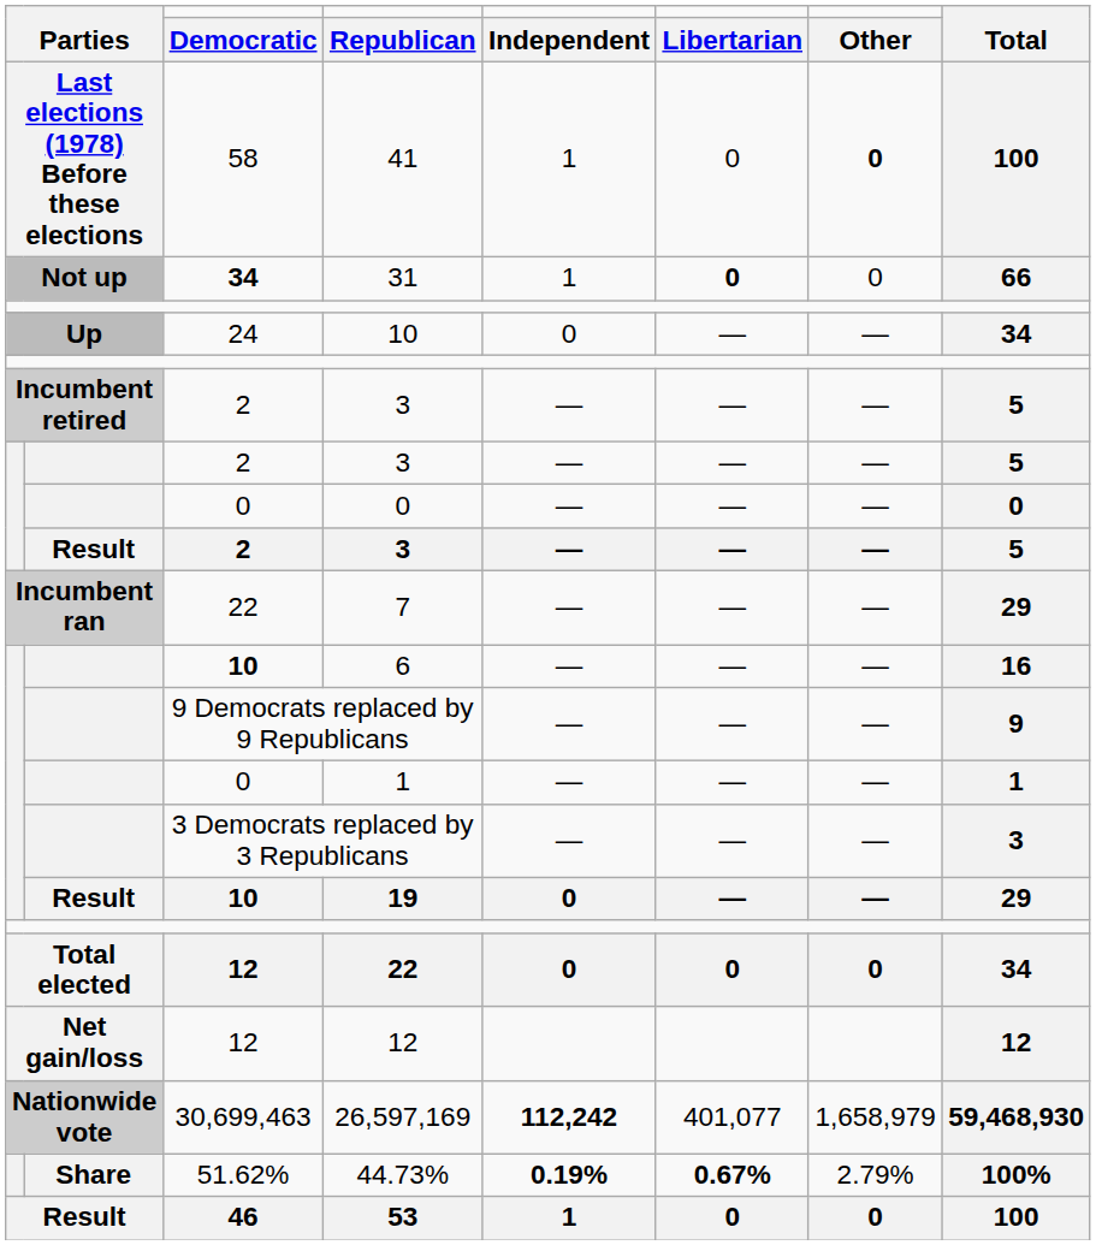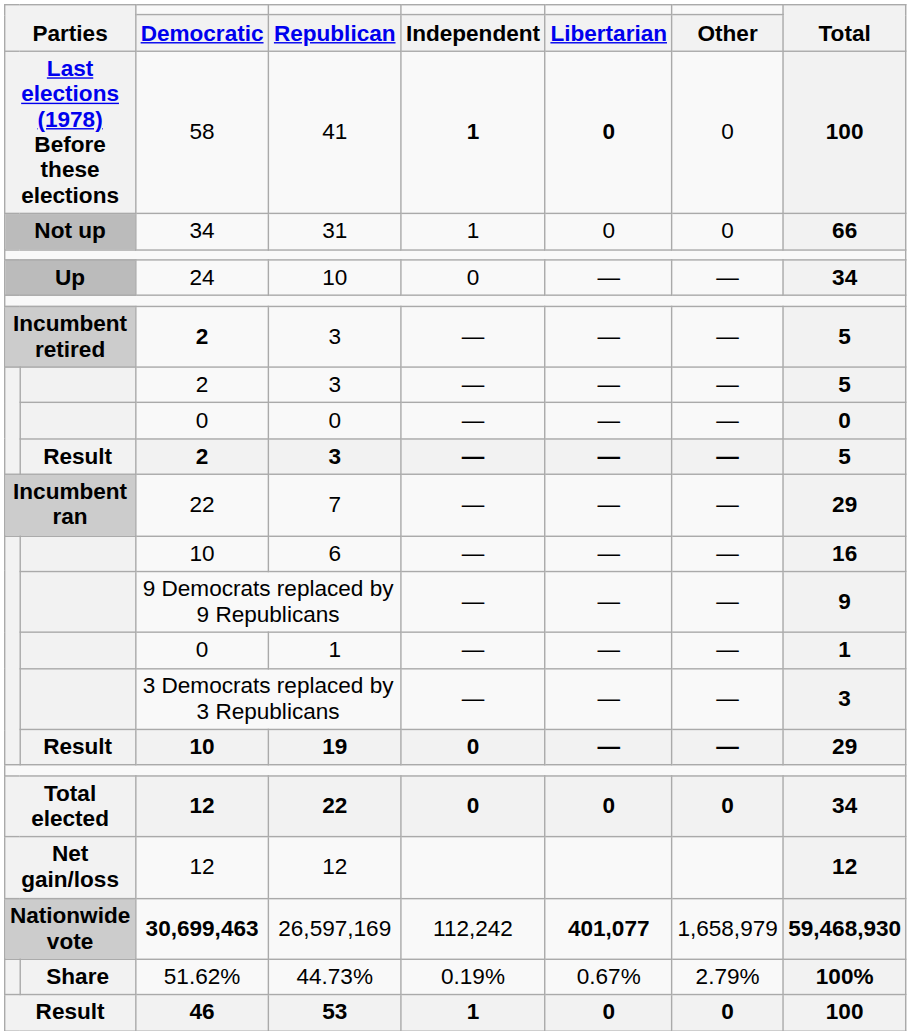 <table class=wikitable style=text-align:center>
 <tr valign=bottom>
 <th rowspan=2 colspan=2>Parties</th>
 <td style="background-color:"></td>
 <td style="background-color:"></td>
 <td style="background-color:"></td>
 <td style="background-color:"></td>
 <td style="background-color:"></td>
 <th rowspan=2>Total</th>
 </tr>
 <tr valign=bottom>
 <th><a href='#'>Democratic</a></th>
 <th><a href='#'>Republican</a></th>
 <th>Independent</th>
 <th><a href='#'>Libertarian</a></th>
 <th>Other</th>
 </tr>
 <tr>
 <th colspan=2><a href='#'>Last elections (1978)</a><br>Before these elections</th>
 <td>58</td>
 <td>41</td>
-<td>1</td>
+<td><strong>1</strong></td>
+<td><strong>0</strong></td>
 <td>0</td>
-<td><strong>0</strong></td>
 <th>100</th>
 </tr>
 <tr>
 <th colspan=2 style="background:#bbb">Not up</th>
-<td><strong>34</strong></td>
+<td>34</td>
 <td>31</td>
 <td>1</td>
-<td><strong>0</strong></td>
+<td>0</td>
 <td>0</td>
 <th>66</th>
 </tr>
 <tr>
 <td colspan=100></td>
 </tr>
 <tr>
 <th colspan=2 style="background:#bbb">Up<br></th>
 <td>24</td>
 <td>10</td>
 <td>0</td>
 <td>—</td>
 <td>—</td>
 <th>34</th>
 </tr>
 <tr>
 <td colspan=100></td>
 </tr>
 <tr>
 <th colspan=2 style="background:#ccc">Incumbent retired</th>
-<td>2</td>
+<td><strong>2</strong></td>
 <td>3</td>
 <td>—</td>
 <td>—</td>
 <td>—</td>
 <th>5</th>
 </tr>
 <tr>
 <th rowspan=3></th>
 <th></th>
 <td>2</td>
 <td>3</td>
 <td>—</td>
 <td>—</td>
 <td>—</td>
 <th>5</th>
 </tr>
 <tr>
 <th></th>
 <td>0</td>
 <td>0</td>
 <td>—</td>
 <td>—</td>
 <td>—</td>
 <th>0</th>
 </tr>
 <tr>
 <th>Result</th>
 <th>2</th>
 <th>3</th>
 <th>—</th>
 <th>—</th>
 <th>—</th>
 <th>5</th>
 </tr>
 <tr>
 <th colspan=2 style="background:#ccc">Incumbent ran</th>
 <td>22</td>
 <td>7</td>
 <td>—</td>
 <td>—</td>
 <td>—</td>
 <th>29</th>
 </tr>
 <tr>
 <th rowspan=5></th>
 <th></th>
-<td><strong>10</strong></td>
+<td>10</td>
 <td>6</td>
 <td>—</td>
 <td>—</td>
 <td>—</td>
 <th>16</th>
 </tr>
 <tr>
 <th></th>
 <td colspan=2 > 9 Democrats replaced by  9 Republicans</td>
 <td>—</td>
 <td>—</td>
 <td>—</td>
 <th>9</th>
 </tr>
 <tr>
 <th></th>
 <td>0</td>
 <td>1</td>
 <td>—</td>
 <td>—</td>
 <td>—</td>
 <th>1</th>
 </tr>
 <tr>
 <th></th>
 <td colspan=2 > 3 Democrats replaced by  3 Republicans</td>
 <td>—</td>
 <td>—</td>
 <td>—</td>
 <th>3</th>
 </tr>
 <tr>
 <th>Result</th>
 <th>10</th>
 <th>19</th>
 <th>0</th>
 <th>—</th>
 <th>—</th>
 <th>29</th>
 </tr>
 <tr>
 <td colspan=100></td>
 </tr>
 <tr>
 <th colspan=2>Total elected</th>
 <th>12</th>
 <th>22</th>
 <th>0</th>
 <th>0</th>
 <th>0</th>
 <th>34</th>
 </tr>
 <tr>
 <th colspan=2>Net gain/loss</th>
 <td> 12</td>
 <td> 12</td>
 <td></td>
 <td></td>
 <td></td>
 <th>12</th>
 </tr>
 <tr>
 <th colspan=2 style="background:#ccc">Nationwide vote</th>
-<td>30,699,463</td>
+<td><strong>30,699,463</strong></td>
 <td>26,597,169</td>
-<td><strong>112,242</strong></td>
-<td>401,077</td>
+<td>112,242</td>
+<td><strong>401,077</strong></td>
 <td>1,658,979</td>
 <th>59,468,930</th>
 </tr>
 <tr>
 <th></th>
 <th>Share</th>
 <td>51.62%</td>
 <td>44.73%</td>
-<td><strong>0.19%</strong></td>
-<td><strong>0.67%</strong></td>
+<td>0.19%</td>
+<td>0.67%</td>
 <td>2.79%</td>
 <th>100%</th>
 </tr>
 <tr>
 <th colspan=2>Result</th>
 <th>46</th>
 <th>53</th>
 <th>1</th>
 <th>0</th>
 <th>0</th>
 <th>100</th>
 </tr>
 </table>
